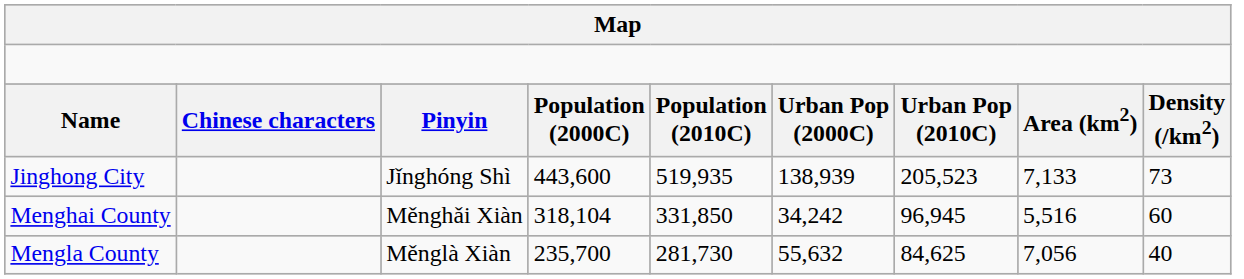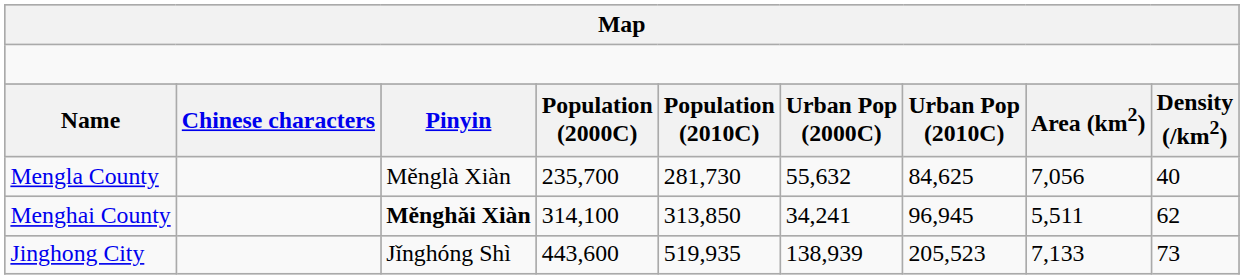 <table class="wikitable"  style="font-size:90%;" align=center>
 <tr>
 <th colspan="9" align="center">Map</th>
 </tr>
 <tr>
 <td colspan="9" align="center"><div><br>      </div></td>
 </tr>
 <tr>
 <th>Name</th>
 <th><a href='#'>Chinese characters</a></th>
 <th><a href='#'>Pinyin</a></th>
 <th>Population<br>(2000C)</th>
 <th>Population<br>(2010C)</th>
 <th>Urban Pop<br>(2000C)</th>
 <th>Urban Pop<br>(2010C)</th>
 <th>Area (km<sup>2</sup>)</th>
 <th>Density<br>(/km<sup>2</sup>)</th>
 </tr>
 <tr --------->
+<td><a href='#'>Mengla County</a></td>
+<td></td>
+<td>Měnglà Xiàn</td>
+<td>235,700</td>
+<td>281,730</td>
+<td>55,632</td>
+<td>84,625</td>
+<td>7,056</td>
+<td>40</td>
+</tr>
+<tr --------->
+<td><a href='#'>Menghai County</a></td>
+<td></td>
+<td><strong>Měnghǎi Xiàn</strong></td>
+<td>314,100</td>
+<td>313,850</td>
+<td>34,241</td>
+<td>96,945</td>
+<td>5,511</td>
+<td>62</td>
+</tr>
+<tr --------->
 <td><a href='#'>Jinghong City</a></td>
 <td></td>
 <td>Jǐnghóng Shì</td>
 <td>443,600</td>
 <td>519,935</td>
 <td>138,939</td>
 <td>205,523</td>
 <td>7,133</td>
 <td>73</td>
 </tr>
-<tr --------->
-<td><a href='#'>Menghai County</a></td>
-<td></td>
-<td>Měnghǎi Xiàn</td>
-<td>318,104</td>
-<td>331,850</td>
-<td>34,242</td>
-<td>96,945</td>
-<td>5,516</td>
-<td>60</td>
-</tr>
-<tr --------->
-<td><a href='#'>Mengla County</a></td>
-<td></td>
-<td>Měnglà Xiàn</td>
-<td>235,700</td>
-<td>281,730</td>
-<td>55,632</td>
-<td>84,625</td>
-<td>7,056</td>
-<td>40</td>
-</tr>
 </table>
